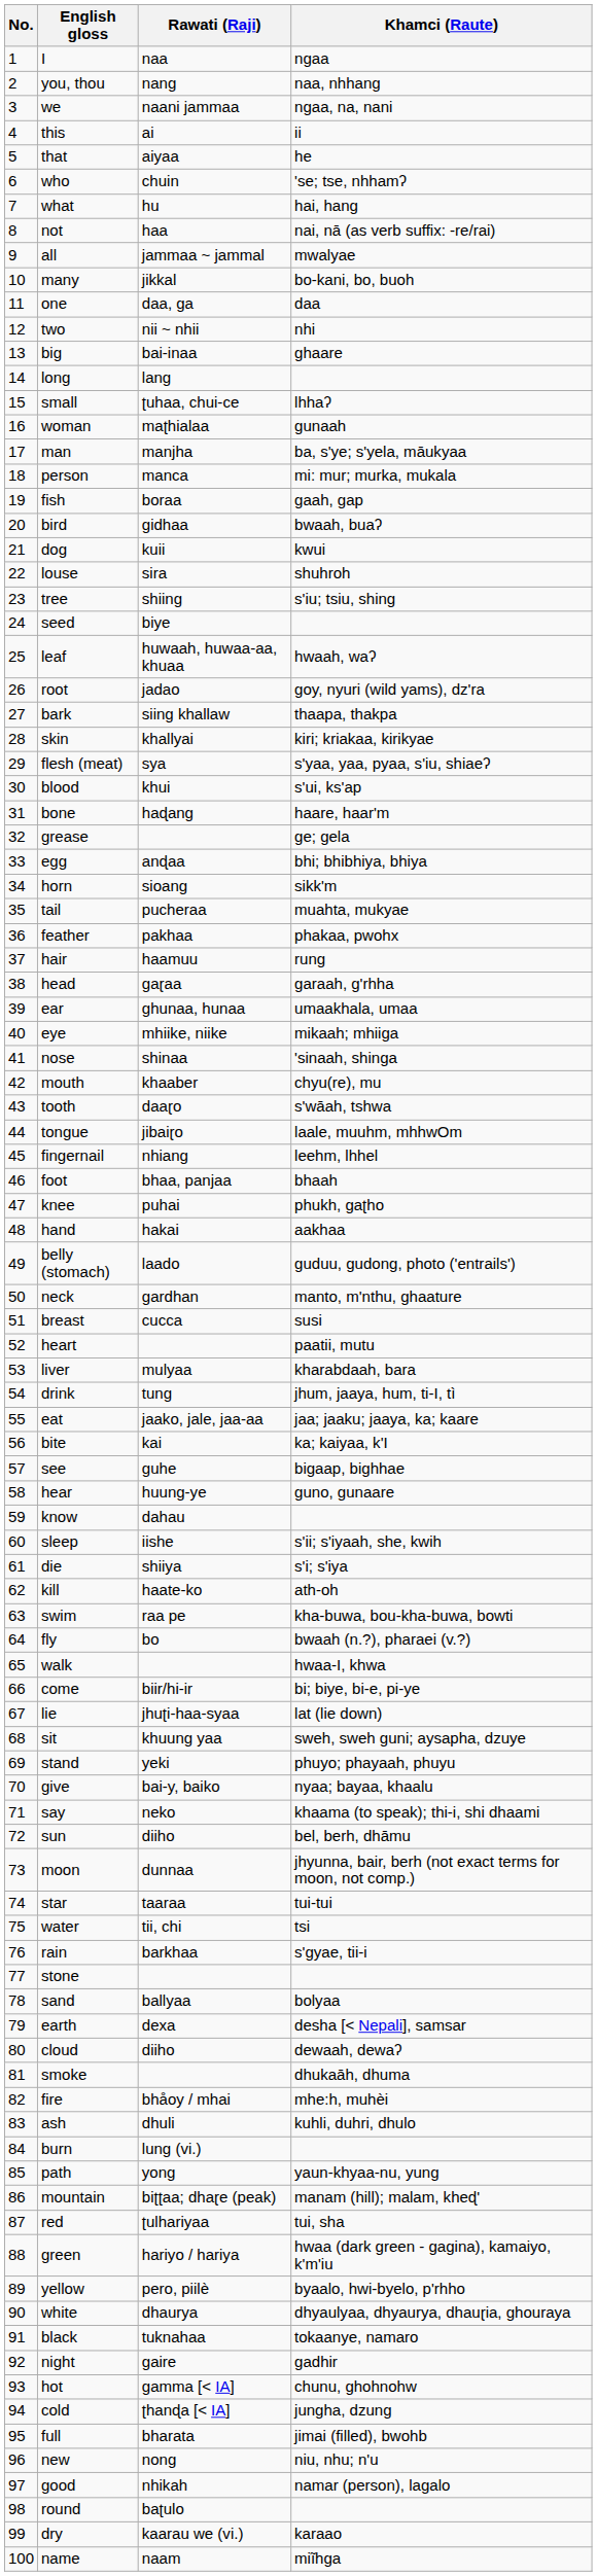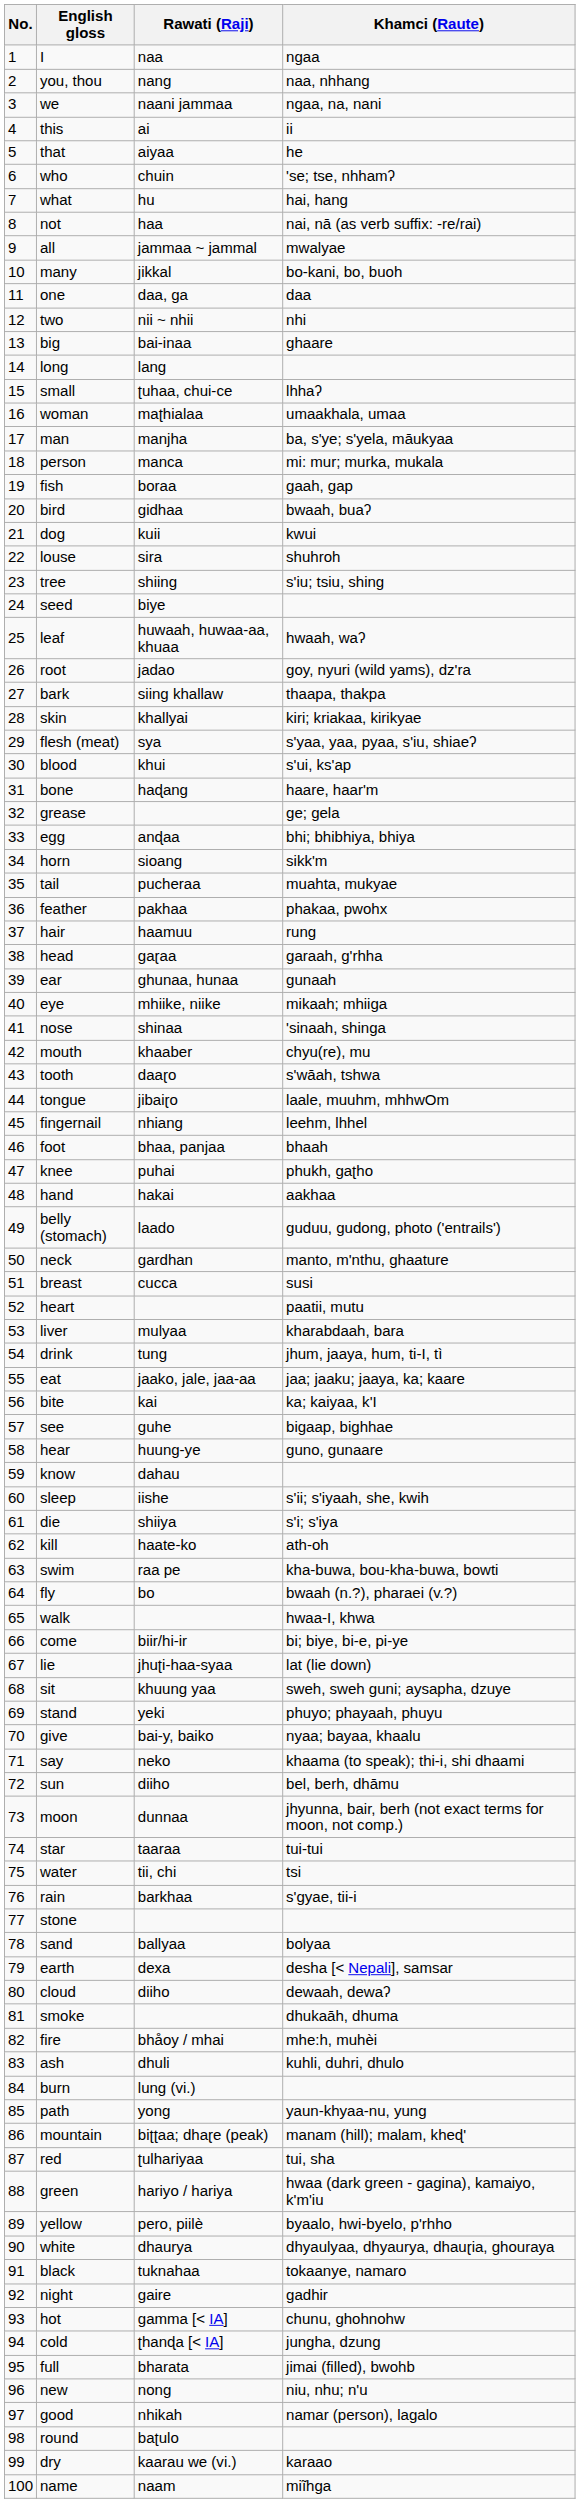 <table class="wikitable sortable">
 <tr>
 <th>No.</th>
 <th>English gloss</th>
 <th>Rawati (<a href='#'>Raji</a>)</th>
 <th>Khamci (<a href='#'>Raute</a>)</th>
 </tr>
 <tr>
 <td>1</td>
 <td>I</td>
 <td>naa</td>
 <td>ngaa</td>
 </tr>
 <tr>
 <td>2</td>
 <td>you, thou</td>
 <td>nang</td>
 <td>naa, nhhang</td>
 </tr>
 <tr>
 <td>3</td>
 <td>we</td>
 <td>naani jammaa</td>
 <td>ngaa, na, nani</td>
 </tr>
 <tr>
 <td>4</td>
 <td>this</td>
 <td>ai</td>
 <td>ii</td>
 </tr>
 <tr>
 <td>5</td>
 <td>that</td>
 <td>aiyaa</td>
 <td>he</td>
 </tr>
 <tr>
 <td>6</td>
 <td>who</td>
 <td>chuin</td>
 <td>'se; tse, nhhamʔ</td>
 </tr>
 <tr>
 <td>7</td>
 <td>what</td>
 <td>hu</td>
 <td>hai, hang</td>
 </tr>
 <tr>
 <td>8</td>
 <td>not</td>
 <td>haa</td>
 <td>nai, nā (as verb suffix: -re/rai)</td>
 </tr>
 <tr>
 <td>9</td>
 <td>all</td>
 <td>jammaa ~ jammal</td>
 <td>mwalyae</td>
 </tr>
 <tr>
 <td>10</td>
 <td>many</td>
 <td>jikkal</td>
 <td>bo-kani, bo, buoh</td>
 </tr>
 <tr>
 <td>11</td>
 <td>one</td>
 <td>daa, ga</td>
 <td>daa</td>
 </tr>
 <tr>
 <td>12</td>
 <td>two</td>
 <td>nii ~ nhii</td>
 <td>nhi</td>
 </tr>
 <tr>
 <td>13</td>
 <td>big</td>
 <td>bai-inaa</td>
 <td>ghaare</td>
 </tr>
 <tr>
 <td>14</td>
 <td>long</td>
 <td>lang</td>
 <td></td>
 </tr>
 <tr>
 <td>15</td>
 <td>small</td>
 <td>ʈuhaa, chui-ce</td>
 <td>lhhaʔ</td>
 </tr>
 <tr>
 <td>16</td>
 <td>woman</td>
 <td>maʈhialaa</td>
-<td>gunaah</td>
+<td>umaakhala, umaa</td>
 </tr>
 <tr>
 <td>17</td>
 <td>man</td>
 <td>manjha</td>
 <td>ba, s'ye; s'yela, māukyaa</td>
 </tr>
 <tr>
 <td>18</td>
 <td>person</td>
 <td>manca</td>
 <td>mi: mur; murka, mukala</td>
 </tr>
 <tr>
 <td>19</td>
 <td>fish</td>
 <td>boraa</td>
 <td>gaah, gap</td>
 </tr>
 <tr>
 <td>20</td>
 <td>bird</td>
 <td>gidhaa</td>
 <td>bwaah, buaʔ</td>
 </tr>
 <tr>
 <td>21</td>
 <td>dog</td>
 <td>kuii</td>
 <td>kwui</td>
 </tr>
 <tr>
 <td>22</td>
 <td>louse</td>
 <td>sira</td>
 <td>shuhroh</td>
 </tr>
 <tr>
 <td>23</td>
 <td>tree</td>
 <td>shiing</td>
 <td>s'iu; tsiu, shing</td>
 </tr>
 <tr>
 <td>24</td>
 <td>seed</td>
 <td>biye</td>
 <td></td>
 </tr>
 <tr>
 <td>25</td>
 <td>leaf</td>
 <td>huwaah, huwaa-aa, khuaa</td>
 <td>hwaah, waʔ</td>
 </tr>
 <tr>
 <td>26</td>
 <td>root</td>
 <td>jadao</td>
 <td>goy, nyuri (wild yams), dz'ra</td>
 </tr>
 <tr>
 <td>27</td>
 <td>bark</td>
 <td>siing khallaw</td>
 <td>thaapa, thakpa</td>
 </tr>
 <tr>
 <td>28</td>
 <td>skin</td>
 <td>khallyai</td>
 <td>kiri; kriakaa, kirikyae</td>
 </tr>
 <tr>
 <td>29</td>
 <td>flesh (meat)</td>
 <td>sya</td>
 <td>s'yaa, yaa, pyaa, s'iu, shiaeʔ</td>
 </tr>
 <tr>
 <td>30</td>
 <td>blood</td>
 <td>khui</td>
 <td>s'ui, ks'ap</td>
 </tr>
 <tr>
 <td>31</td>
 <td>bone</td>
 <td>haɖang</td>
 <td>haare, haar'm</td>
 </tr>
 <tr>
 <td>32</td>
 <td>grease</td>
 <td></td>
 <td>ge; gela</td>
 </tr>
 <tr>
 <td>33</td>
 <td>egg</td>
 <td>anɖaa</td>
 <td>bhi; bhibhiya, bhiya</td>
 </tr>
 <tr>
 <td>34</td>
 <td>horn</td>
 <td>sioang</td>
 <td>sikk'm</td>
 </tr>
 <tr>
 <td>35</td>
 <td>tail</td>
 <td>pucheraa</td>
 <td>muahta, mukyae</td>
 </tr>
 <tr>
 <td>36</td>
 <td>feather</td>
 <td>pakhaa</td>
 <td>phakaa, pwohx</td>
 </tr>
 <tr>
 <td>37</td>
 <td>hair</td>
 <td>haamuu</td>
 <td>rung</td>
 </tr>
 <tr>
 <td>38</td>
 <td>head</td>
 <td>gaɽaa</td>
 <td>garaah, g'rhha</td>
 </tr>
 <tr>
 <td>39</td>
 <td>ear</td>
 <td>ghunaa, hunaa</td>
-<td>umaakhala, umaa</td>
+<td>gunaah</td>
 </tr>
 <tr>
 <td>40</td>
 <td>eye</td>
 <td>mhiike, niike</td>
 <td>mikaah; mhiiga</td>
 </tr>
 <tr>
 <td>41</td>
 <td>nose</td>
 <td>shinaa</td>
 <td>'sinaah, shinga</td>
 </tr>
 <tr>
 <td>42</td>
 <td>mouth</td>
 <td>khaaber</td>
 <td>chyu(re), mu</td>
 </tr>
 <tr>
 <td>43</td>
 <td>tooth</td>
 <td>daaɽo</td>
 <td>s'wāah, tshwa</td>
 </tr>
 <tr>
 <td>44</td>
 <td>tongue</td>
 <td>jibaiɽo</td>
 <td>laale, muuhm, mhhwOm</td>
 </tr>
 <tr>
 <td>45</td>
 <td>fingernail</td>
 <td>nhiang</td>
 <td>leehm, lhhel</td>
 </tr>
 <tr>
 <td>46</td>
 <td>foot</td>
 <td>bhaa, panjaa</td>
 <td>bhaah</td>
 </tr>
 <tr>
 <td>47</td>
 <td>knee</td>
 <td>puhai</td>
 <td>phukh, gaʈho</td>
 </tr>
 <tr>
 <td>48</td>
 <td>hand</td>
 <td>hakai</td>
 <td>aakhaa</td>
 </tr>
 <tr>
 <td>49</td>
 <td>belly (stomach)</td>
 <td>laado</td>
 <td>guduu, gudong, photo ('entrails')</td>
 </tr>
 <tr>
 <td>50</td>
 <td>neck</td>
 <td>gardhan</td>
 <td>manto, m'nthu, ghaature</td>
 </tr>
 <tr>
 <td>51</td>
 <td>breast</td>
 <td>cucca</td>
 <td>susi</td>
 </tr>
 <tr>
 <td>52</td>
 <td>heart</td>
 <td></td>
 <td>paatii, mutu</td>
 </tr>
 <tr>
 <td>53</td>
 <td>liver</td>
 <td>mulyaa</td>
 <td>kharabdaah, bara</td>
 </tr>
 <tr>
 <td>54</td>
 <td>drink</td>
 <td>tung</td>
 <td>jhum, jaaya, hum, ti-I, tì</td>
 </tr>
 <tr>
 <td>55</td>
 <td>eat</td>
 <td>jaako, jale, jaa-aa</td>
 <td>jaa; jaaku; jaaya, ka; kaare</td>
 </tr>
 <tr>
 <td>56</td>
 <td>bite</td>
 <td>kai</td>
 <td>ka; kaiyaa, k'I</td>
 </tr>
 <tr>
 <td>57</td>
 <td>see</td>
 <td>guhe</td>
 <td>bigaap, bighhae</td>
 </tr>
 <tr>
 <td>58</td>
 <td>hear</td>
 <td>huung-ye</td>
 <td>guno, gunaare</td>
 </tr>
 <tr>
 <td>59</td>
 <td>know</td>
 <td>dahau</td>
 <td></td>
 </tr>
 <tr>
 <td>60</td>
 <td>sleep</td>
 <td>iishe</td>
 <td>s'ii; s'iyaah, she, kwih</td>
 </tr>
 <tr>
 <td>61</td>
 <td>die</td>
 <td>shiiya</td>
 <td>s'i; s'iya</td>
 </tr>
 <tr>
 <td>62</td>
 <td>kill</td>
 <td>haate-ko</td>
 <td>ath-oh</td>
 </tr>
 <tr>
 <td>63</td>
 <td>swim</td>
 <td>raa pe</td>
 <td>kha-buwa, bou-kha-buwa, bowti</td>
 </tr>
 <tr>
 <td>64</td>
 <td>fly</td>
 <td>bo</td>
 <td>bwaah (n.?), pharaei (v.?)</td>
 </tr>
 <tr>
 <td>65</td>
 <td>walk</td>
 <td></td>
 <td>hwaa-I, khwa</td>
 </tr>
 <tr>
 <td>66</td>
 <td>come</td>
 <td>biir/hi-ir</td>
 <td>bi; biye, bi-e, pi-ye</td>
 </tr>
 <tr>
 <td>67</td>
 <td>lie</td>
 <td>jhuʈi-haa-syaa</td>
 <td>lat (lie down)</td>
 </tr>
 <tr>
 <td>68</td>
 <td>sit</td>
 <td>khuung yaa</td>
 <td>sweh, sweh guni; aysapha, dzuye</td>
 </tr>
 <tr>
 <td>69</td>
 <td>stand</td>
 <td>yeki</td>
 <td>phuyo; phayaah, phuyu</td>
 </tr>
 <tr>
 <td>70</td>
 <td>give</td>
 <td>bai-y, baiko</td>
 <td>nyaa; bayaa, khaalu</td>
 </tr>
 <tr>
 <td>71</td>
 <td>say</td>
 <td>neko</td>
 <td>khaama (to speak); thi-i, shi dhaami</td>
 </tr>
 <tr>
 <td>72</td>
 <td>sun</td>
 <td>diiho</td>
 <td>bel, berh, dhāmu</td>
 </tr>
 <tr>
 <td>73</td>
 <td>moon</td>
 <td>dunnaa</td>
 <td>jhyunna, bair, berh (not exact terms for moon, not comp.)</td>
 </tr>
 <tr>
 <td>74</td>
 <td>star</td>
 <td>taaraa</td>
 <td>tui-tui</td>
 </tr>
 <tr>
 <td>75</td>
 <td>water</td>
 <td>tii, chi</td>
 <td>tsi</td>
 </tr>
 <tr>
 <td>76</td>
 <td>rain</td>
 <td>barkhaa</td>
 <td>s'gyae, tii-i</td>
 </tr>
 <tr>
 <td>77</td>
 <td>stone</td>
 <td></td>
 <td></td>
 </tr>
 <tr>
 <td>78</td>
 <td>sand</td>
 <td>ballyaa</td>
 <td>bolyaa</td>
 </tr>
 <tr>
 <td>79</td>
 <td>earth</td>
 <td>dexa</td>
 <td>desha [< <a href='#'>Nepali</a>], samsar</td>
 </tr>
 <tr>
 <td>80</td>
 <td>cloud</td>
 <td>diiho</td>
 <td>dewaah, dewaʔ</td>
 </tr>
 <tr>
 <td>81</td>
 <td>smoke</td>
 <td></td>
 <td>dhukaāh, dhuma</td>
 </tr>
 <tr>
 <td>82</td>
 <td>fire</td>
 <td>bhåoy / mhai</td>
 <td>mhe:h, muhèi</td>
 </tr>
 <tr>
 <td>83</td>
 <td>ash</td>
 <td>dhuli</td>
 <td>kuhli, duhri, dhulo</td>
 </tr>
 <tr>
 <td>84</td>
 <td>burn</td>
 <td>lung (vi.)</td>
 <td></td>
 </tr>
 <tr>
 <td>85</td>
 <td>path</td>
 <td>yong</td>
 <td>yaun-khyaa-nu, yung</td>
 </tr>
 <tr>
 <td>86</td>
 <td>mountain</td>
 <td>biʈʈaa; dhaɽe (peak)</td>
 <td>manam (hill); malam, kheɖ'</td>
 </tr>
 <tr>
 <td>87</td>
 <td>red</td>
 <td>ʈulhariyaa</td>
 <td>tui, sha</td>
 </tr>
 <tr>
 <td>88</td>
 <td>green</td>
 <td>hariyo / hariya</td>
 <td>hwaa (dark green - gagina), kamaiyo, k'm'iu</td>
 </tr>
 <tr>
 <td>89</td>
 <td>yellow</td>
 <td>pero, piilè</td>
 <td>byaalo, hwi-byelo, p'rhho</td>
 </tr>
 <tr>
 <td>90</td>
 <td>white</td>
 <td>dhaurya</td>
 <td>dhyaulyaa, dhyaurya, dhauɽia, ghouraya</td>
 </tr>
 <tr>
 <td>91</td>
 <td>black</td>
 <td>tuknahaa</td>
 <td>tokaanye, namaro</td>
 </tr>
 <tr>
 <td>92</td>
 <td>night</td>
 <td>gaire</td>
 <td>gadhir</td>
 </tr>
 <tr>
 <td>93</td>
 <td>hot</td>
 <td>gamma [< <a href='#'>IA</a>]</td>
 <td>chunu, ghohnohw</td>
 </tr>
 <tr>
 <td>94</td>
 <td>cold</td>
 <td>ʈhanɖa [< <a href='#'>IA</a>]</td>
 <td>jungha, dzung</td>
 </tr>
 <tr>
 <td>95</td>
 <td>full</td>
 <td>bharata</td>
 <td>jimai (filled), bwohb</td>
 </tr>
 <tr>
 <td>96</td>
 <td>new</td>
 <td>nong</td>
 <td>niu, nhu; n'u</td>
 </tr>
 <tr>
 <td>97</td>
 <td>good</td>
 <td>nhikah</td>
 <td>namar (person), lagalo</td>
 </tr>
 <tr>
 <td>98</td>
 <td>round</td>
 <td>baʈulo</td>
 <td></td>
 </tr>
 <tr>
 <td>99</td>
 <td>dry</td>
 <td>kaarau we (vi.)</td>
 <td>karaao</td>
 </tr>
 <tr>
 <td>100</td>
 <td>name</td>
 <td>naam</td>
 <td>miĩhga</td>
 </tr>
 </table>
